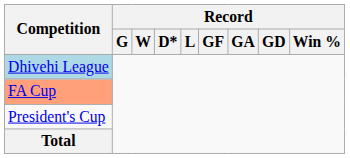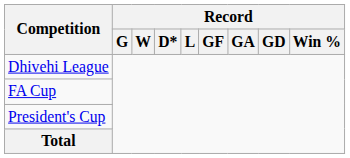 <table class="wikitable" style="text-align: center">
 <tr>
 <th rowspan="2">Competition</th>
 <th colspan="9">Record</th>
 </tr>
 <tr>
 <th>G</th>
 <th>W</th>
 <th>D*</th>
 <th>L</th>
 <th>GF</th>
 <th>GA</th>
 <th>GD</th>
 <th>Win %</th>
 </tr>
 <tr>
-<td style="background: lightblue; text-align: left"><a href='#'>Dhivehi League</a><br></td>
+<td style="text-align: left"><a href='#'>Dhivehi League</a><br></td>
 </tr>
 <tr>
-<td style="background: lightsalmon; text-align: left"><a href='#'>FA Cup</a><br></td>
+<td style="text-align: left"><a href='#'>FA Cup</a><br></td>
 </tr>
 <tr>
 <td style="text-align: left"><a href='#'>President's Cup</a><br></td>
 </tr>
 <tr>
 <th>Total<br></th>
 </tr>
 </table>
